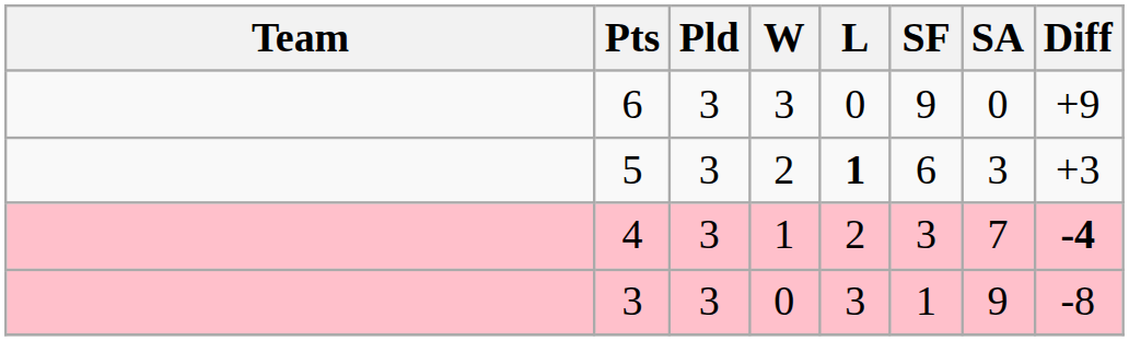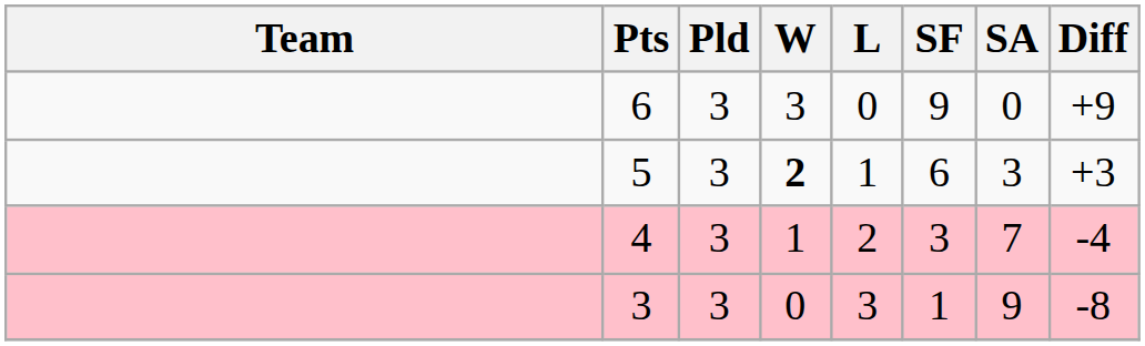 <table class=wikitable style="text-align:center">
 <tr>
 <th width=220>Team</th>
 <th width=20>Pts</th>
 <th width=20>Pld</th>
 <th width=20>W</th>
 <th width=20>L</th>
 <th width=20>SF</th>
 <th width=20>SA</th>
 <th width=20>Diff</th>
 </tr>
 <tr style="background: ccffcc">
 <td align=left></td>
 <td>6</td>
 <td>3</td>
 <td>3</td>
 <td>0</td>
 <td>9</td>
 <td>0</td>
 <td>+9</td>
 </tr>
 <tr style="background: ccffcc">
 <td align=left></td>
 <td>5</td>
 <td>3</td>
-<td>2</td>
-<td><strong>1</strong></td>
+<td><strong>2</strong></td>
+<td>1</td>
 <td>6</td>
 <td>3</td>
 <td>+3</td>
 </tr>
 <tr style="background: pink">
 <td align=left></td>
 <td>4</td>
 <td>3</td>
 <td>1</td>
 <td>2</td>
 <td>3</td>
 <td>7</td>
-<td><strong>-4</strong></td>
+<td>-4</td>
 </tr>
 <tr style="background: pink">
 <td align=left></td>
 <td>3</td>
 <td>3</td>
 <td>0</td>
 <td>3</td>
 <td>1</td>
 <td>9</td>
 <td>-8</td>
 </tr>
 <tr>
 </tr>
 </table>
